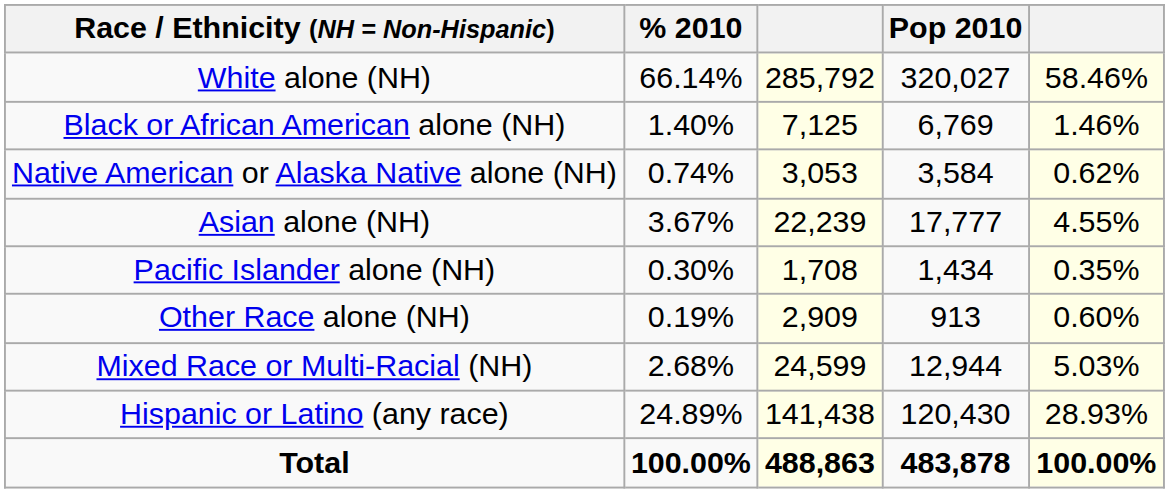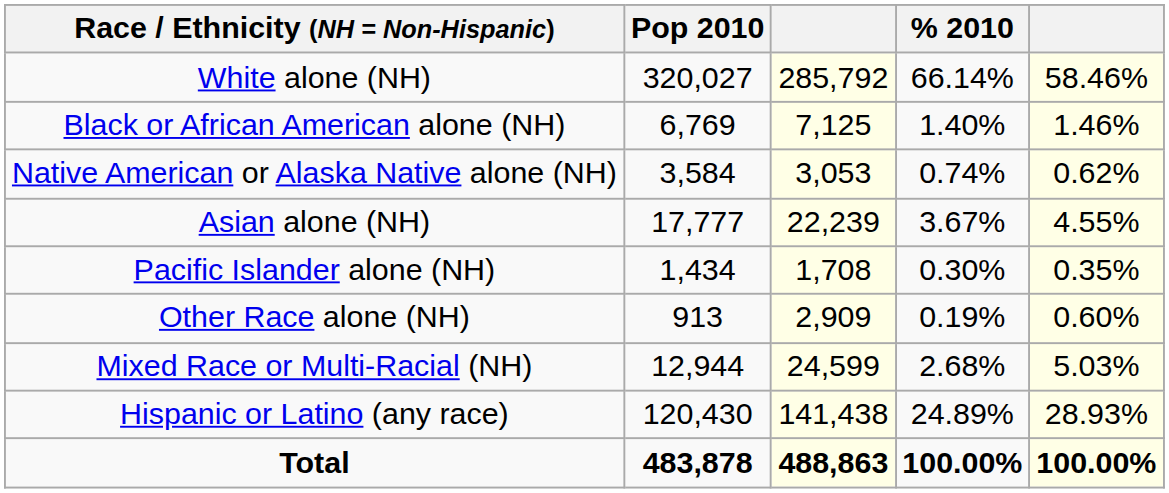 <table class="wikitable" style="text-align:center;">
 <tr>
 <th>Race / Ethnicity <small>(<em>NH = Non-Hispanic</em>)</small></th>
+<th>Pop 2010</th>
+<th></th>
 <th>% 2010</th>
-<th></th>
-<th>Pop 2010</th>
 <th></th>
 </tr>
 <tr>
 <td><a href='#'>White</a> alone (NH)</td>
+<td>320,027</td>
+<td style='background: #ffffe6;'>285,792</td>
 <td>66.14%</td>
-<td style='background: #ffffe6;'>285,792</td>
-<td>320,027</td>
 <td style='background: #ffffe6;'>58.46%</td>
 </tr>
 <tr>
 <td><a href='#'>Black or African American</a> alone (NH)</td>
+<td>6,769</td>
+<td style='background: #ffffe6;'>7,125</td>
 <td>1.40%</td>
-<td style='background: #ffffe6;'>7,125</td>
-<td>6,769</td>
 <td style='background: #ffffe6;'>1.46%</td>
 </tr>
 <tr>
 <td><a href='#'>Native American</a> or <a href='#'>Alaska Native</a> alone (NH)</td>
+<td>3,584</td>
+<td style='background: #ffffe6;'>3,053</td>
 <td>0.74%</td>
-<td style='background: #ffffe6;'>3,053</td>
-<td>3,584</td>
 <td style='background: #ffffe6;'>0.62%</td>
 </tr>
 <tr>
 <td><a href='#'>Asian</a> alone (NH)</td>
+<td>17,777</td>
+<td style='background: #ffffe6;'>22,239</td>
 <td>3.67%</td>
-<td style='background: #ffffe6;'>22,239</td>
-<td>17,777</td>
 <td style='background: #ffffe6;'>4.55%</td>
 </tr>
 <tr>
 <td><a href='#'>Pacific Islander</a> alone (NH)</td>
+<td>1,434</td>
+<td style='background: #ffffe6;'>1,708</td>
 <td>0.30%</td>
-<td style='background: #ffffe6;'>1,708</td>
-<td>1,434</td>
 <td style='background: #ffffe6;'>0.35%</td>
 </tr>
 <tr>
 <td><a href='#'>Other Race</a> alone (NH)</td>
+<td>913</td>
+<td style='background: #ffffe6;'>2,909</td>
 <td>0.19%</td>
-<td style='background: #ffffe6;'>2,909</td>
-<td>913</td>
 <td style='background: #ffffe6;'>0.60%</td>
 </tr>
 <tr>
 <td><a href='#'>Mixed Race or Multi-Racial</a> (NH)</td>
+<td>12,944</td>
+<td style='background: #ffffe6;'>24,599</td>
 <td>2.68%</td>
-<td style='background: #ffffe6;'>24,599</td>
-<td>12,944</td>
 <td style='background: #ffffe6;'>5.03%</td>
 </tr>
 <tr>
 <td><a href='#'>Hispanic or Latino</a> (any race)</td>
+<td>120,430</td>
+<td style='background: #ffffe6;'>141,438</td>
 <td>24.89%</td>
-<td style='background: #ffffe6;'>141,438</td>
-<td>120,430</td>
 <td style='background: #ffffe6;'>28.93%</td>
 </tr>
 <tr>
 <td><strong>Total</strong></td>
+<td><strong>483,878</strong></td>
+<td style='background: #ffffe6;'><strong>488,863</strong></td>
 <td><strong>100.00%</strong></td>
-<td style='background: #ffffe6;'><strong>488,863</strong></td>
-<td><strong>483,878</strong></td>
 <td style='background: #ffffe6;'><strong>100.00%</strong></td>
 </tr>
 </table>
